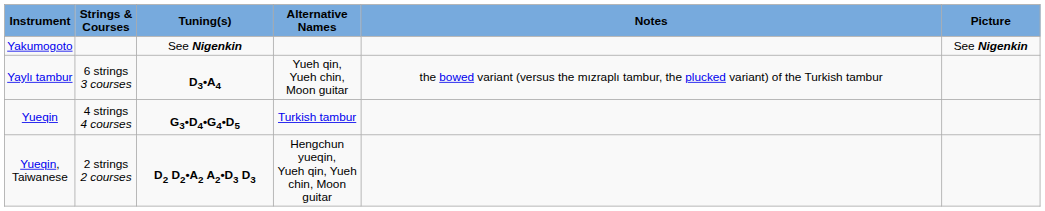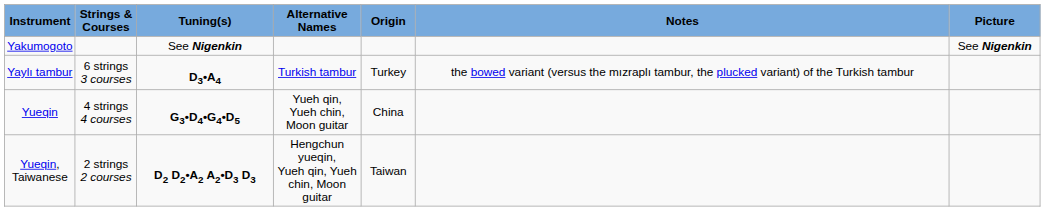 <table class="wikitable" style="margin:0.5em auto; clear:both; font-size:.9em; text-align:center; width:100%">
 <tr>
 <th style="background: #7ad;" scope="col" width="24">Instrument</th>
 <th style="background: #7ad;" scope="col" width="68">Strings & Courses</th>
 <th style="background: #7ad;" scope="col" width="160">Tuning(s)</th>
 <th style="background: #7ad;" scope="col" width="100">Alternative Names</th>
+<th style="background: #7ad;" scope="col" width="60">Origin</th>
 <th style="background: #7ad;" scope="col" width'"240">Notes</th>
 <th style="background: #7ad;">Picture</th>
 </tr>
 <tr>
 <td><a href='#'>Yakumogoto</a></td>
 <td></td>
 <td>See <strong><em>Nigenkin</em></strong></td>
 <td></td>
 <td></td>
+<td></td>
 <td>See <strong><em>Nigenkin</em></strong></td>
 </tr>
 <tr>
 <td><a href='#'>Yaylı tambur</a></td>
 <td>6 strings<br><em>3 courses</em></td>
 <td><br><strong>D<sub>3</sub>•A<sub>4</sub></strong></td>
-<td>Yueh qin,<br>Yueh chin, Moon guitar</td>
+<td><a href='#'>Turkish tambur</a></td>
+<td>Turkey</td>
 <td>the <a href='#'>bowed</a> variant (versus the mızraplı tambur, the <a href='#'>plucked</a> variant) of the Turkish tambur</td>
 <td></td>
 </tr>
 <tr>
 <td><a href='#'>Yueqin</a></td>
 <td>4 strings<br><em>4 courses</em></td>
 <td><br><strong>G<sub>3</sub>•D<sub>4</sub>•G<sub>4</sub>•D<sub>5</sub></strong></td>
-<td><a href='#'>Turkish tambur</a></td>
+<td>Yueh qin,<br>Yueh chin, Moon guitar</td>
+<td>China</td>
 <td></td>
 <td></td>
 </tr>
 <tr>
 <td><a href='#'>Yueqin</a>,<br>Taiwanese</td>
 <td>2 strings<br><em>2 courses</em></td>
 <td><br><strong>D<sub>2</sub> D<sub>2</sub>•A<sub>2</sub> A<sub>2</sub>•D<sub>3</sub> D<sub>3</sub></strong></td>
 <td>Hengchun yueqin,<br>Yueh qin, Yueh chin, Moon guitar</td>
+<td>Taiwan</td>
 <td></td>
 <td></td>
 </tr>
 </table>
